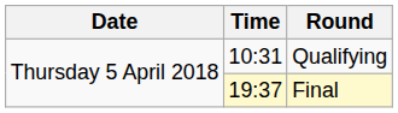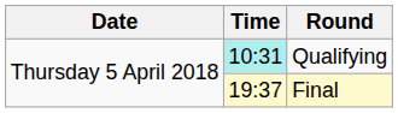 <table class="wikitable">
 <tr>
 <th>Date</th>
 <th>Time</th>
 <th>Round</th>
 </tr>
 <tr>
 <td rowspan=2>Thursday 5 April 2018</td>
-<td>10:31</td>
+<td style="background: paleturquoise;">10:31</td>
 <td>Qualifying</td>
 </tr>
 <tr>
 <td style=background:lemonchiffon>19:37</td>
 <td style=background:lemonchiffon>Final</td>
 </tr>
 </table>
